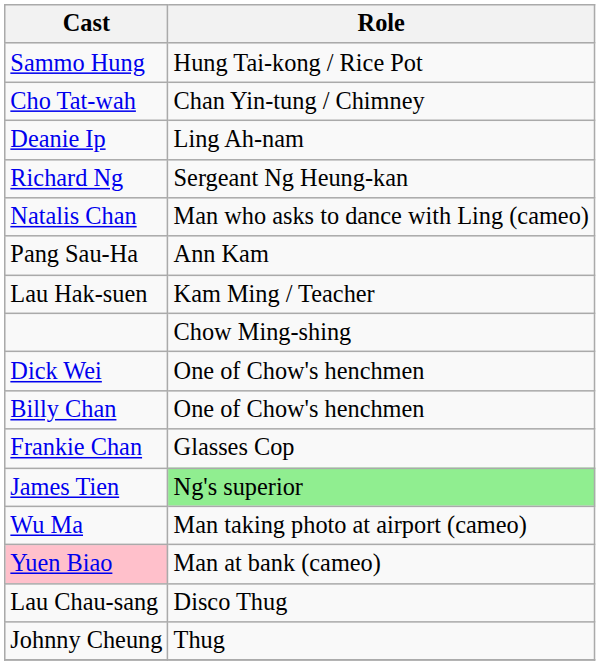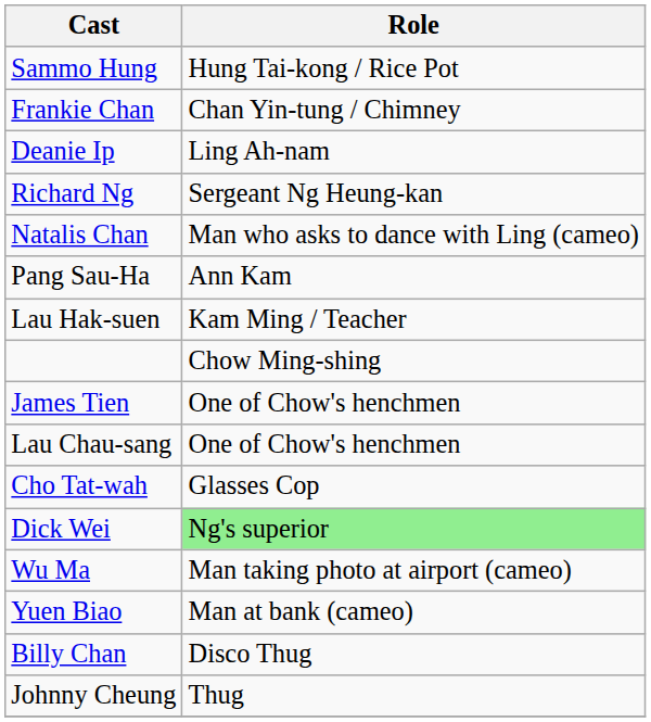 <table class="wikitable">
 <tr>
 <th>Cast</th>
 <th>Role</th>
 </tr>
 <tr>
 <td><a href='#'>Sammo Hung</a></td>
 <td>Hung Tai-kong / Rice Pot</td>
 </tr>
 <tr>
-<td><a href='#'>Cho Tat-wah</a></td>
+<td><a href='#'>Frankie Chan</a></td>
 <td>Chan Yin-tung / Chimney</td>
 </tr>
 <tr>
 <td><a href='#'>Deanie Ip</a></td>
 <td>Ling Ah-nam</td>
 </tr>
 <tr>
 <td><a href='#'>Richard Ng</a></td>
 <td>Sergeant Ng Heung-kan</td>
 </tr>
 <tr>
 <td><a href='#'>Natalis Chan</a></td>
 <td>Man who asks to dance with Ling (cameo)</td>
 </tr>
 <tr>
 <td>Pang Sau-Ha</td>
 <td>Ann Kam</td>
 </tr>
 <tr>
 <td>Lau Hak-suen</td>
 <td>Kam Ming / Teacher</td>
 </tr>
 <tr>
 <td></td>
 <td>Chow Ming-shing</td>
 </tr>
 <tr>
-<td><a href='#'>Dick Wei</a></td>
+<td><a href='#'>James Tien</a></td>
 <td>One of Chow's henchmen</td>
 </tr>
 <tr>
-<td><a href='#'>Billy Chan</a></td>
+<td>Lau Chau-sang</td>
 <td>One of Chow's henchmen</td>
 </tr>
 <tr>
-<td><a href='#'>Frankie Chan</a></td>
+<td><a href='#'>Cho Tat-wah</a></td>
 <td>Glasses Cop</td>
 </tr>
 <tr>
-<td><a href='#'>James Tien</a></td>
+<td><a href='#'>Dick Wei</a></td>
 <td style="background: lightgreen;">Ng's superior</td>
 </tr>
 <tr>
 <td><a href='#'>Wu Ma</a></td>
 <td>Man taking photo at airport (cameo)</td>
 </tr>
 <tr>
-<td style="background: pink;"><a href='#'>Yuen Biao</a></td>
+<td><a href='#'>Yuen Biao</a></td>
 <td>Man at bank (cameo)</td>
 </tr>
 <tr>
-<td>Lau Chau-sang</td>
+<td><a href='#'>Billy Chan</a></td>
 <td>Disco Thug</td>
 </tr>
 <tr>
 <td>Johnny Cheung</td>
 <td>Thug</td>
 </tr>
 <tr>
 </tr>
 </table>
